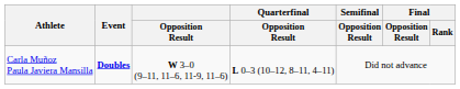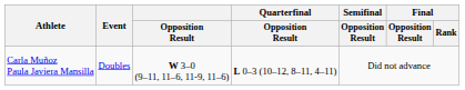 <table class=wikitable style=font-size:90%;text-align:center>
 <tr>
 <th rowspan=2>Athlete</th>
 <th rowspan=2>Event</th>
 <th></th>
 <th>Quarterfinal</th>
 <th>Semifinal</th>
 <th colspan=2>Final</th>
 </tr>
 <tr style=font-size:95%>
 <th>Opposition<br>Result</th>
 <th>Opposition<br>Result</th>
 <th>Opposition<br>Result</th>
 <th>Opposition<br>Result</th>
 <th>Rank</th>
 </tr>
 <tr>
 <td style="text-align:left"><a href='#'>Carla Muñoz</a><br><a href='#'>Paula Javiera Mansilla</a></td>
-<td style="text-align:left"><strong><a href='#'>Doubles</a></strong></td>
+<td style="text-align:left"><a href='#'>Doubles</a></td>
 <td><br><strong>W</strong> 3–0<br>(9–11, 11–6, 11-9, 11–6)</td>
 <td><br><strong>L</strong> 0–3 (10–12, 8–11, 4–11)</td>
 <td colspan=3>Did not advance</td>
 </tr>
 </table>
